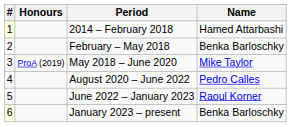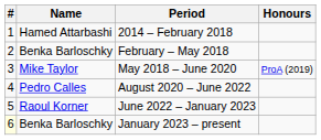 <table class="wikitable">
 <tr>
 <th>#</th>
+<th>Name</th>
+<th>Period</th>
 <th>Honours</th>
-<th>Period</th>
-<th>Name</th>
 </tr>
 <tr>
-<td style="background: lightyellow;">1</td>
+<td>1</td>
+<td> Hamed Attarbashi</td>
+<td>2014 – February 2018</td>
 <td></td>
-<td>2014 – February 2018</td>
-<td> Hamed Attarbashi</td>
 </tr>
 <tr>
 <td>2</td>
+<td> Benka Barloschky</td>
+<td>February – May 2018</td>
 <td></td>
-<td>February – May 2018</td>
-<td> Benka Barloschky</td>
 </tr>
 <tr>
 <td>3</td>
+<td> <a href='#'>Mike Taylor</a></td>
+<td>May 2018 – June 2020</td>
 <td><small><a href='#'>ProA</a> (2019)</small></td>
-<td>May 2018 – June 2020</td>
-<td> <a href='#'>Mike Taylor</a></td>
 </tr>
 <tr>
 <td>4</td>
+<td> <a href='#'>Pedro Calles</a></td>
+<td>August 2020 – June 2022</td>
 <td></td>
-<td>August 2020 – June 2022</td>
-<td> <a href='#'>Pedro Calles</a></td>
 </tr>
 <tr>
 <td>5</td>
+<td> <a href='#'>Raoul Korner</a></td>
+<td>June 2022 – January 2023</td>
 <td></td>
-<td>June 2022 – January 2023</td>
-<td> <a href='#'>Raoul Korner</a></td>
 </tr>
 <tr>
 <td style="background: lightyellow;">6</td>
+<td> Benka Barloschky</td>
+<td>January 2023 – present</td>
 <td></td>
-<td>January 2023 – present</td>
-<td> Benka Barloschky</td>
 </tr>
 </table>
